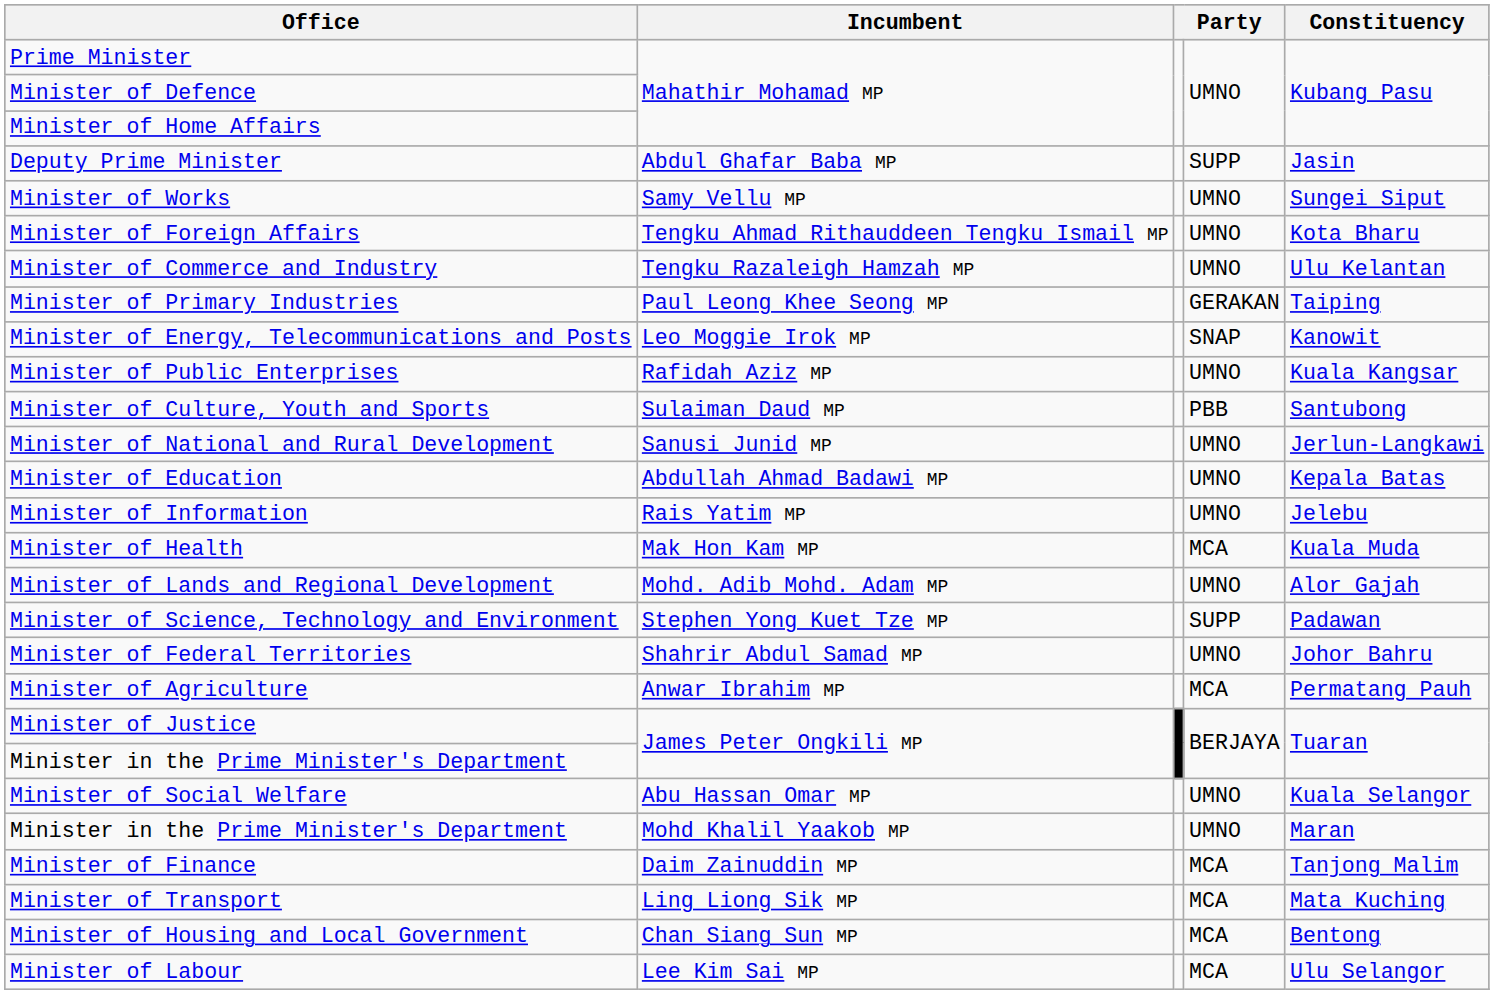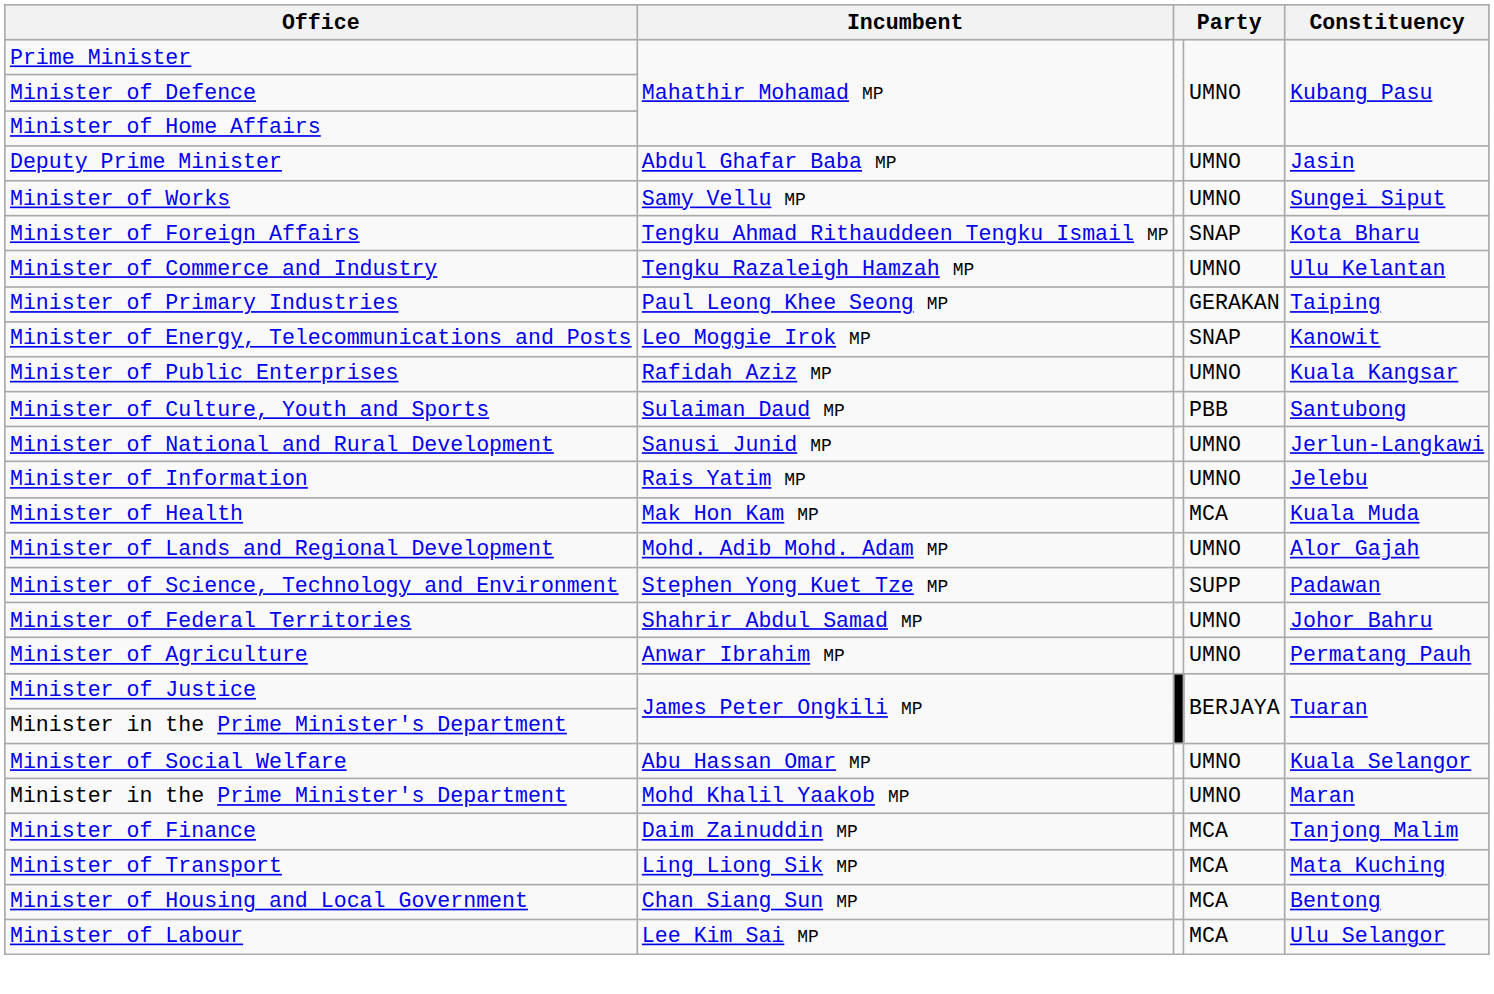 <table class="sortable wikitable">
 <tr>
 <th>Office</th>
 <th>Incumbent</th>
 <th colspan=2>Party</th>
 <th>Constituency</th>
 </tr>
 <tr>
 <td><a href='#'>Prime Minister</a></td>
 <td rowspan=3><a href='#'>Mahathir Mohamad</a> <small>MP</small></td>
 <td rowspan=3></td>
 <td rowspan=3>UMNO</td>
 <td rowspan=3><a href='#'>Kubang Pasu</a></td>
 </tr>
 <tr>
 <td><a href='#'>Minister of Defence</a></td>
 </tr>
 <tr>
 <td><a href='#'>Minister of Home Affairs</a></td>
 </tr>
 <tr>
 <td><a href='#'>Deputy Prime Minister</a></td>
 <td><a href='#'>Abdul Ghafar Baba</a> <small>MP</small></td>
 <td rowspan=1></td>
-<td>SUPP</td>
+<td>UMNO</td>
 <td><a href='#'>Jasin</a></td>
 </tr>
 <tr>
 <td><a href='#'>Minister of Works</a></td>
 <td><a href='#'>Samy Vellu</a> <small>MP</small></td>
 <td rowspan=1></td>
 <td>UMNO</td>
 <td><a href='#'>Sungei Siput</a></td>
 </tr>
 <tr>
 <td><a href='#'>Minister of Foreign Affairs</a></td>
 <td><a href='#'>Tengku Ahmad Rithauddeen Tengku Ismail</a> <small>MP</small></td>
 <td rowspan=1></td>
-<td>UMNO</td>
+<td>SNAP</td>
 <td><a href='#'>Kota Bharu</a></td>
 </tr>
 <tr>
 <td><a href='#'>Minister of Commerce and Industry</a></td>
 <td><a href='#'>Tengku Razaleigh Hamzah</a> <small>MP</small></td>
 <td rowspan=1></td>
 <td>UMNO</td>
 <td><a href='#'>Ulu Kelantan</a></td>
 </tr>
 <tr>
 <td><a href='#'>Minister of Primary Industries</a></td>
 <td><a href='#'>Paul Leong Khee Seong</a> <small>MP</small></td>
 <td rowspan=1></td>
 <td>GERAKAN</td>
 <td><a href='#'>Taiping</a></td>
 </tr>
 <tr>
 <td><a href='#'>Minister of Energy, Telecommunications and Posts</a></td>
 <td><a href='#'>Leo Moggie Irok</a> <small>MP</small></td>
 <td rowspan=1></td>
 <td>SNAP</td>
 <td><a href='#'>Kanowit</a></td>
 </tr>
 <tr>
 <td><a href='#'>Minister of Public Enterprises</a></td>
 <td><a href='#'>Rafidah Aziz</a> <small>MP</small></td>
 <td rowspan=1></td>
 <td>UMNO</td>
 <td><a href='#'>Kuala Kangsar</a></td>
 </tr>
 <tr>
 <td><a href='#'>Minister of Culture, Youth and Sports</a></td>
 <td><a href='#'>Sulaiman Daud</a> <small>MP</small></td>
 <td rowspan=1></td>
 <td>PBB</td>
 <td><a href='#'>Santubong</a></td>
 </tr>
 <tr>
 <td><a href='#'>Minister of National and Rural Development</a></td>
 <td><a href='#'>Sanusi Junid</a> <small>MP</small></td>
 <td rowspan=1></td>
 <td>UMNO</td>
 <td><a href='#'>Jerlun-Langkawi</a></td>
 </tr>
 <tr>
-<td><a href='#'>Minister of Education</a></td>
-<td><a href='#'>Abdullah Ahmad Badawi</a> <small>MP</small></td>
-<td rowspan=1></td>
-<td>UMNO</td>
-<td><a href='#'>Kepala Batas</a></td>
-</tr>
-<tr>
 <td><a href='#'>Minister of Information</a></td>
 <td><a href='#'>Rais Yatim</a> <small>MP</small></td>
 <td rowspan=1></td>
 <td>UMNO</td>
 <td><a href='#'>Jelebu</a></td>
 </tr>
 <tr>
 <td><a href='#'>Minister of Health</a></td>
 <td><a href='#'>Mak Hon Kam</a> <small>MP</small></td>
 <td rowspan=1></td>
 <td>MCA</td>
 <td><a href='#'>Kuala Muda</a></td>
 </tr>
 <tr>
 <td><a href='#'>Minister of Lands and Regional Development</a></td>
 <td><a href='#'>Mohd. Adib Mohd. Adam</a> <small>MP</small></td>
 <td rowspan=1></td>
 <td>UMNO</td>
 <td><a href='#'>Alor Gajah</a></td>
 </tr>
 <tr>
 <td><a href='#'>Minister of Science, Technology and Environment</a></td>
 <td><a href='#'>Stephen Yong Kuet Tze</a> <small>MP</small></td>
 <td rowspan=1></td>
 <td>SUPP</td>
 <td><a href='#'>Padawan</a></td>
 </tr>
 <tr>
 <td><a href='#'>Minister of Federal Territories</a></td>
 <td><a href='#'>Shahrir Abdul Samad</a> <small>MP</small></td>
 <td rowspan=1></td>
 <td>UMNO</td>
 <td><a href='#'>Johor Bahru</a></td>
 </tr>
 <tr>
 <td><a href='#'>Minister of Agriculture</a></td>
 <td><a href='#'>Anwar Ibrahim</a> <small>MP</small></td>
 <td rowspan=1></td>
-<td>MCA</td>
+<td>UMNO</td>
 <td><a href='#'>Permatang Pauh</a></td>
 </tr>
 <tr>
 <td><a href='#'>Minister of Justice</a></td>
 <td rowspan=2><a href='#'>James Peter Ongkili</a> <small>MP</small></td>
 <td rowspan=2 bgcolor=black></td>
 <td rowspan=2>BERJAYA</td>
 <td rowspan=2><a href='#'>Tuaran</a></td>
 </tr>
 <tr>
 <td>Minister in the <a href='#'>Prime Minister's Department</a></td>
 </tr>
 <tr>
 <td><a href='#'>Minister of Social Welfare</a></td>
 <td><a href='#'>Abu Hassan Omar</a> <small>MP</small></td>
 <td rowspan=1></td>
 <td>UMNO</td>
 <td><a href='#'>Kuala Selangor</a></td>
 </tr>
 <tr>
 <td>Minister in the <a href='#'>Prime Minister's Department</a></td>
 <td><a href='#'>Mohd Khalil Yaakob</a> <small>MP</small></td>
 <td rowspan=1></td>
 <td>UMNO</td>
 <td><a href='#'>Maran</a></td>
 </tr>
 <tr>
 <td><a href='#'>Minister of Finance</a></td>
 <td><a href='#'>Daim Zainuddin</a> <small>MP</small></td>
 <td rowspan=1></td>
 <td>MCA</td>
 <td><a href='#'>Tanjong Malim</a></td>
 </tr>
 <tr>
 <td><a href='#'>Minister of Transport</a></td>
 <td><a href='#'>Ling Liong Sik</a> <small>MP</small></td>
 <td rowspan=1></td>
 <td>MCA</td>
 <td><a href='#'>Mata Kuching</a></td>
 </tr>
 <tr>
 <td><a href='#'>Minister of Housing and Local Government</a></td>
 <td><a href='#'>Chan Siang Sun</a> <small>MP</small></td>
 <td rowspan=1></td>
 <td>MCA</td>
 <td><a href='#'>Bentong</a></td>
 </tr>
 <tr>
 <td><a href='#'>Minister of Labour</a></td>
 <td><a href='#'>Lee Kim Sai</a> <small>MP</small></td>
 <td></td>
 <td>MCA</td>
 <td><a href='#'>Ulu Selangor</a></td>
 </tr>
 </table>
